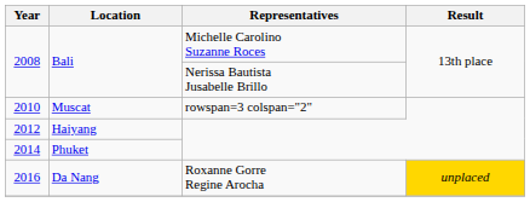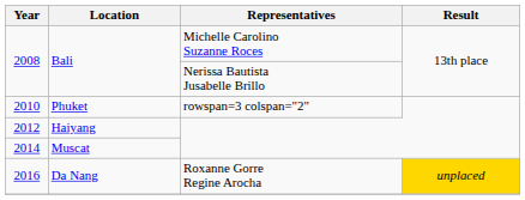 <table class="wikitable" style="font-size:100%; width:50%;">
 <tr>
 <th style= "align=center; width:10em;">Year</th>
 <th style= "align=center; width:60em;">Location</th>
 <th style= "align=center; width:100em;">Representatives</th>
 <th style= "align=center; width:50em;">Result</th>
 </tr>
 <tr>
 <td rowspan=2 align=center><a href='#'>2008</a></td>
 <td rowspan=2> <a href='#'>Bali</a></td>
 <td>Michelle Carolino <br> <a href='#'>Suzanne Roces</a></td>
 <td rowspan=2 align=center>13th place</td>
 </tr>
 <tr>
 <td>Nerissa Bautista <br> Jusabelle Brillo</td>
 </tr>
 <tr>
 <td align=center><a href='#'>2010</a></td>
-<td> <a href='#'>Muscat</a></td>
+<td> <a href='#'>Phuket</a></td>
 <td>rowspan=3 colspan="2" <small>  </small></td>
 </tr>
 <tr>
 <td align=center><a href='#'>2012</a></td>
 <td> <a href='#'>Haiyang</a></td>
 </tr>
 <tr>
 <td align=center><a href='#'>2014</a></td>
-<td> <a href='#'>Phuket</a></td>
+<td> <a href='#'>Muscat</a></td>
 </tr>
 <tr>
 <td align=center><a href='#'>2016</a></td>
 <td> <a href='#'>Da Nang</a></td>
 <td>Roxanne Gorre <br> Regine Arocha</td>
 <td align=center style="background: gold;"><em>unplaced</em></td>
 </tr>
 <tr>
 </tr>
 </table>
